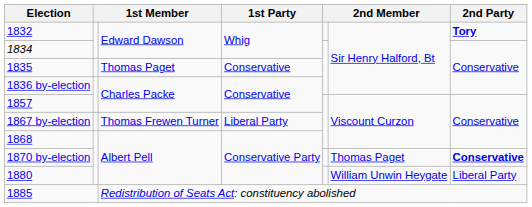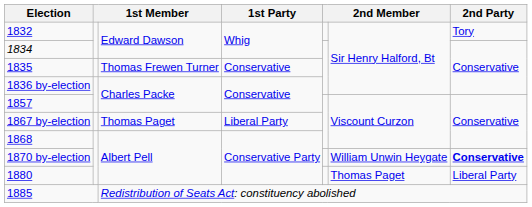 <table class="wikitable">
 <tr>
 <th>Election</th>
 <th colspan="2">1st Member</th>
 <th>1st Party</th>
 <th colspan="2">2nd Member</th>
 <th>2nd Party</th>
 </tr>
 <tr>
 <td><a href='#'>1832</a></td>
 <td rowspan="2" style="color:inherit;background-color: "></td>
 <td rowspan="2"><a href='#'>Edward Dawson</a></td>
 <td rowspan="2"><a href='#'>Whig</a></td>
 <td style="color:inherit;background-color: "></td>
 <td rowspan="4"><a href='#'>Sir Henry Halford, Bt</a></td>
-<td><strong><a href='#'>Tory</a></strong></td>
+<td><a href='#'>Tory</a></td>
 </tr>
 <tr>
 <td><em>1834</em></td>
 <td rowspan="3" style="color:inherit;background-color: "></td>
 <td rowspan="3"><a href='#'>Conservative</a></td>
 </tr>
 <tr>
 <td><a href='#'>1835</a></td>
 <td style="color:inherit;background-color: "></td>
-<td><a href='#'>Thomas Paget</a></td>
+<td><a href='#'>Thomas Frewen Turner</a></td>
 <td><a href='#'>Conservative</a></td>
 </tr>
 <tr>
 <td><a href='#'>1836 by-election</a></td>
 <td rowspan="2" style="color:inherit;background-color: "></td>
 <td rowspan="2"><a href='#'>Charles Packe</a></td>
 <td rowspan="2"><a href='#'>Conservative</a></td>
 </tr>
 <tr>
 <td><a href='#'>1857</a></td>
 <td rowspan="3" style="color:inherit;background-color: "></td>
 <td rowspan="3"><a href='#'>Viscount Curzon</a></td>
 <td rowspan="3"><a href='#'>Conservative</a></td>
 </tr>
 <tr>
 <td><a href='#'>1867 by-election</a></td>
 <td style="color:inherit;background-color: "></td>
-<td><a href='#'>Thomas Frewen Turner</a></td>
+<td><a href='#'>Thomas Paget</a></td>
 <td><a href='#'>Liberal Party</a></td>
 </tr>
 <tr>
 <td><a href='#'>1868</a></td>
 <td rowspan="3" style="color:inherit;background-color: "></td>
 <td rowspan="3"><a href='#'>Albert Pell</a></td>
 <td rowspan="3"><a href='#'>Conservative Party</a></td>
 </tr>
 <tr>
 <td><a href='#'>1870 by-election</a></td>
 <td style="color:inherit;background-color: "></td>
-<td><a href='#'>Thomas Paget</a></td>
+<td><a href='#'>William Unwin Heygate</a></td>
 <td><strong><a href='#'>Conservative</a></strong></td>
 </tr>
 <tr>
 <td><a href='#'>1880</a></td>
 <td style="color:inherit;background-color: "></td>
-<td><a href='#'>William Unwin Heygate</a></td>
+<td><a href='#'>Thomas Paget</a></td>
 <td><a href='#'>Liberal Party</a></td>
 </tr>
 <tr>
 <td colspan="2"><a href='#'>1885</a></td>
 <td colspan="6"><em><a href='#'>Redistribution of Seats Act</a>: constituency abolished</em></td>
 </tr>
 </table>
